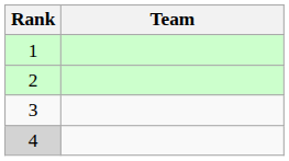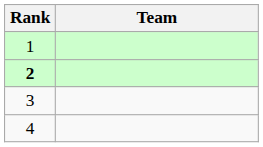 <table class="wikitable" style="text-align:center;">
 <tr>
 <th width=40>Rank</th>
 <th width=180>Team</th>
 </tr>
 <tr bgcolor=#ccffcc>
 <td>1</td>
 <td style="text-align:left;"></td>
 </tr>
 <tr bgcolor=#ccffcc>
-<td>2</td>
+<td><strong>2</strong></td>
 <td style="text-align:left;"></td>
 </tr>
 <tr>
 <td>3</td>
 <td style="text-align:left;"></td>
 </tr>
 <tr>
-<td style="background: lightgrey;">4</td>
+<td>4</td>
 <td style="text-align:left;"></td>
 </tr>
 </table>
